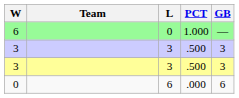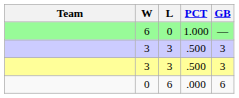 <table class="wikitable" style="text-align:center">
 <tr>
+<th width=180px>Team</th>
 <th width=25px>W</th>
-<th width=180px>Team</th>
 <th width=25px>L</th>
 <th width=35px><a href='#'>PCT</a></th>
 <th width=25px><a href='#'>GB</a></th>
 </tr>
 <tr bgcolor=#98fb98>
+<td align="left"></td>
 <td>6</td>
-<td align="left"></td>
 <td>0</td>
 <td>1.000</td>
 <td>—</td>
 </tr>
 <tr bgcolor=#CCCCFF>
+<td align="left"></td>
 <td>3</td>
-<td align="left"></td>
 <td>3</td>
 <td>.500</td>
 <td>3</td>
 </tr>
 <tr bgcolor=#FFFF99>
+<td align="left"></td>
 <td>3</td>
-<td align="left"></td>
 <td>3</td>
 <td>.500</td>
 <td>3</td>
 </tr>
 <tr>
+<td align="left"><strong></strong></td>
 <td>0</td>
-<td align="left"><strong></strong></td>
 <td>6</td>
 <td>.000</td>
 <td>6</td>
 </tr>
 </table>
